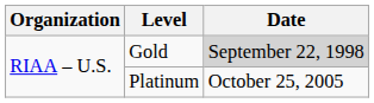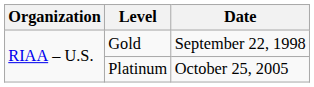 <table class="wikitable">
 <tr>
 <th>Organization</th>
 <th>Level</th>
 <th>Date</th>
 </tr>
 <tr>
 <td rowspan="2"><a href='#'>RIAA</a> – U.S.</td>
 <td>Gold</td>
-<td style="background: lightgrey;">September 22, 1998</td>
+<td>September 22, 1998</td>
 </tr>
 <tr>
 <td>Platinum</td>
 <td>October 25, 2005</td>
 </tr>
 </table>
